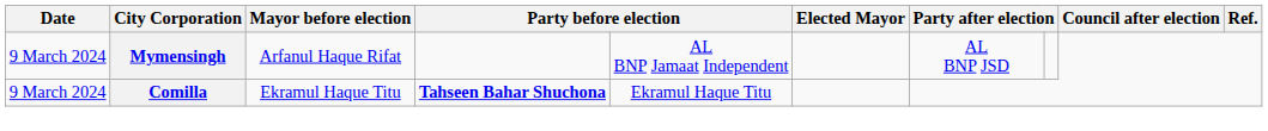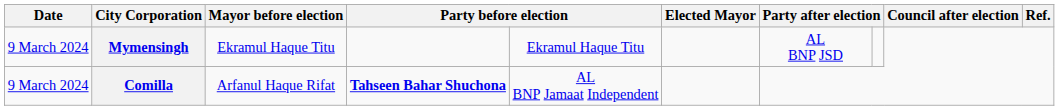 <table class="wikitable sortable" style="text-align:center;">
 <tr>
 <th>Date</th>
 <th>City Corporation</th>
 <th>Mayor before election</th>
 <th colspan="2">Party before election</th>
 <th>Elected Mayor</th>
 <th colspan="2">Party after election</th>
 <th>Council after election</th>
 <th>Ref.</th>
 </tr>
 <tr>
 <td><a href='#'>9 March 2024</a></td>
 <th><a href='#'>Mymensingh</a></th>
-<td><a href='#'>Arfanul Haque Rifat</a></td>
+<td><a href='#'>Ekramul Haque Titu</a></td>
 <td></td>
-<td><a href='#'>AL</a><br><a href='#'>BNP</a> <a href='#'>Jamaat</a>  <a href='#'>Independent</a> </td>
+<td><a href='#'>Ekramul Haque Titu</a></td>
 <td></td>
 <td><a href='#'>AL</a><br><a href='#'>BNP</a> <a href='#'>JSD</a> </td>
 <td></td>
 </tr>
 <tr>
 <td><a href='#'>9 March 2024</a></td>
 <th><a href='#'>Comilla</a></th>
-<td><a href='#'>Ekramul Haque Titu</a></td>
+<td><a href='#'>Arfanul Haque Rifat</a></td>
 <td><strong><a href='#'>Tahseen Bahar Shuchona</a></strong></td>
-<td><a href='#'>Ekramul Haque Titu</a></td>
+<td><a href='#'>AL</a><br><a href='#'>BNP</a> <a href='#'>Jamaat</a>  <a href='#'>Independent</a> </td>
 <td></td>
 </tr>
 </table>
